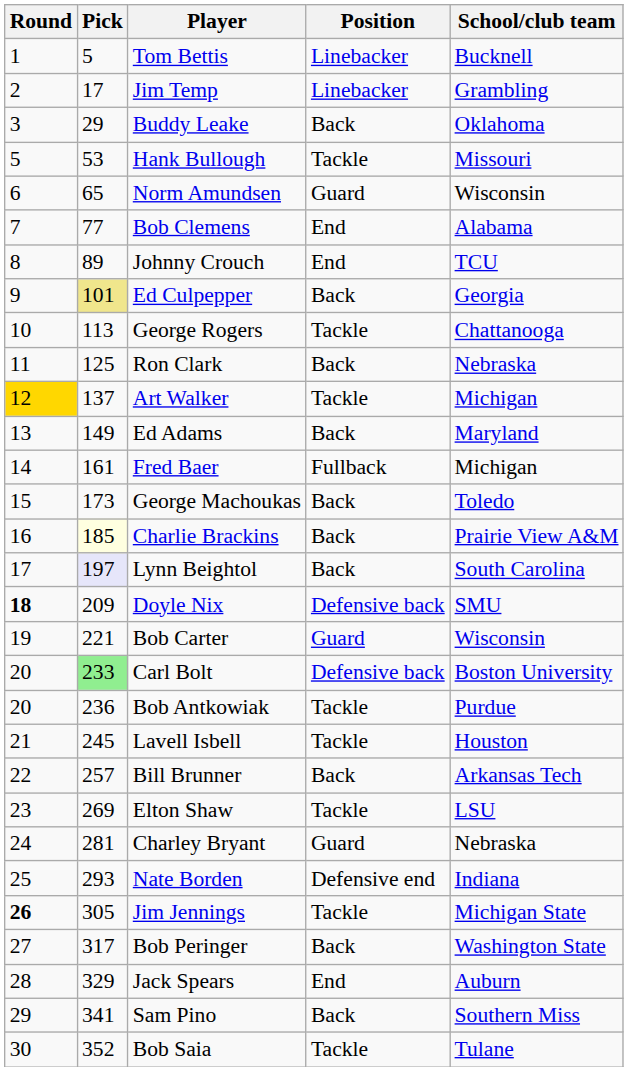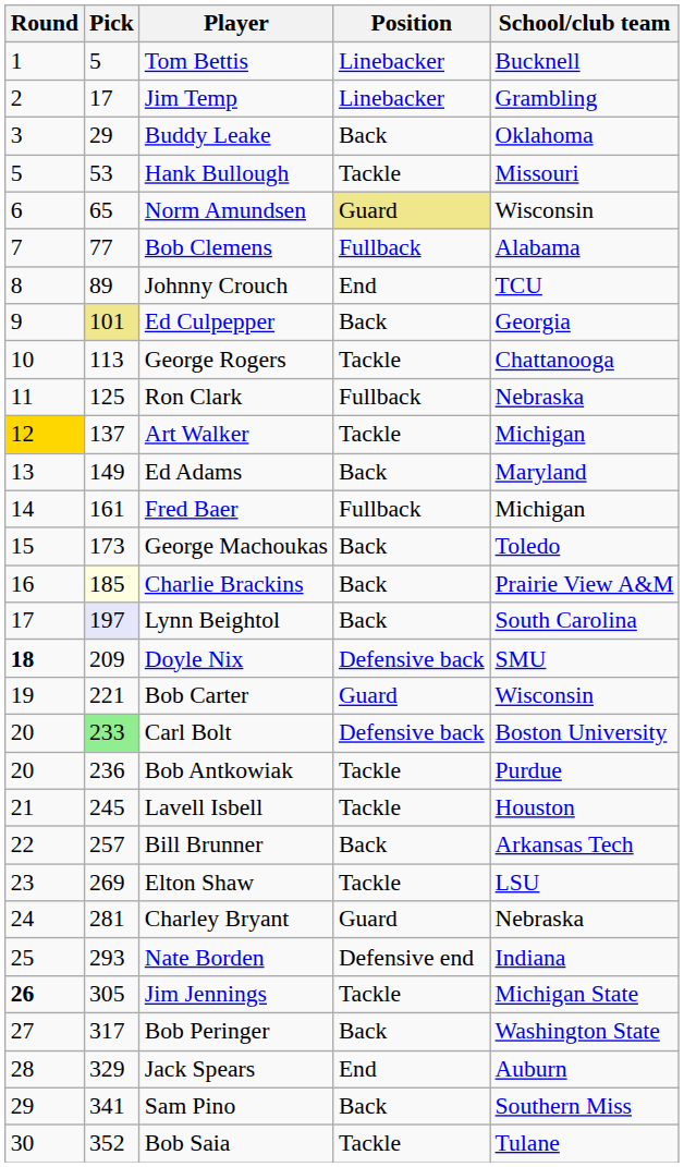 <table class="wikitable sortable sortable">
 <tr>
 <th>Round</th>
 <th>Pick</th>
 <th>Player</th>
 <th>Position</th>
 <th>School/club team</th>
 </tr>
 <tr>
 <td>1</td>
 <td>5</td>
 <td><a href='#'>Tom Bettis</a></td>
 <td><a href='#'>Linebacker</a></td>
 <td><a href='#'>Bucknell</a></td>
 </tr>
 <tr>
 <td>2</td>
 <td>17</td>
 <td><a href='#'>Jim Temp</a></td>
 <td><a href='#'>Linebacker</a></td>
 <td><a href='#'>Grambling</a></td>
 </tr>
 <tr>
 <td>3</td>
 <td>29</td>
 <td><a href='#'>Buddy Leake</a></td>
 <td>Back</td>
 <td><a href='#'>Oklahoma</a></td>
 </tr>
 <tr>
 <td>5</td>
 <td>53</td>
 <td><a href='#'>Hank Bullough</a></td>
 <td>Tackle</td>
 <td><a href='#'>Missouri</a></td>
 </tr>
 <tr>
 <td>6</td>
 <td>65</td>
 <td><a href='#'>Norm Amundsen</a></td>
-<td>Guard</td>
+<td style="background: khaki;">Guard</td>
 <td>Wisconsin</td>
 </tr>
 <tr>
 <td>7</td>
 <td>77</td>
 <td><a href='#'>Bob Clemens</a></td>
-<td>End</td>
+<td><a href='#'>Fullback</a></td>
 <td><a href='#'>Alabama</a></td>
 </tr>
 <tr>
 <td>8</td>
 <td>89</td>
 <td>Johnny Crouch</td>
 <td>End</td>
 <td><a href='#'>TCU</a></td>
 </tr>
 <tr>
 <td>9</td>
 <td style="background: khaki;">101</td>
 <td><a href='#'>Ed Culpepper</a></td>
 <td>Back</td>
 <td><a href='#'>Georgia</a></td>
 </tr>
 <tr>
 <td>10</td>
 <td>113</td>
 <td>George Rogers</td>
 <td>Tackle</td>
 <td><a href='#'>Chattanooga</a></td>
 </tr>
 <tr>
 <td>11</td>
 <td>125</td>
 <td>Ron Clark</td>
-<td>Back</td>
+<td>Fullback</td>
 <td><a href='#'>Nebraska</a></td>
 </tr>
 <tr>
 <td style="background: gold;">12</td>
 <td>137</td>
 <td><a href='#'>Art Walker</a></td>
 <td>Tackle</td>
 <td><a href='#'>Michigan</a></td>
 </tr>
 <tr>
 <td>13</td>
 <td>149</td>
 <td>Ed Adams</td>
 <td>Back</td>
 <td><a href='#'>Maryland</a></td>
 </tr>
 <tr>
 <td>14</td>
 <td>161</td>
 <td><a href='#'>Fred Baer</a></td>
 <td>Fullback</td>
 <td>Michigan</td>
 </tr>
 <tr>
 <td>15</td>
 <td>173</td>
 <td>George Machoukas</td>
 <td>Back</td>
 <td><a href='#'>Toledo</a></td>
 </tr>
 <tr>
 <td>16</td>
 <td style="background: lightyellow;">185</td>
 <td><a href='#'>Charlie Brackins</a></td>
 <td>Back</td>
 <td><a href='#'>Prairie View A&M</a></td>
 </tr>
 <tr>
 <td>17</td>
 <td style="background: lavender;">197</td>
 <td>Lynn Beightol</td>
 <td>Back</td>
 <td><a href='#'>South Carolina</a></td>
 </tr>
 <tr>
 <td><strong>18</strong></td>
 <td>209</td>
 <td><a href='#'>Doyle Nix</a></td>
 <td><a href='#'>Defensive back</a></td>
 <td><a href='#'>SMU</a></td>
 </tr>
 <tr>
 <td>19</td>
 <td>221</td>
 <td>Bob Carter</td>
 <td><a href='#'>Guard</a></td>
 <td><a href='#'>Wisconsin</a></td>
 </tr>
 <tr>
 <td>20</td>
 <td style="background: lightgreen;">233</td>
 <td>Carl Bolt</td>
 <td><a href='#'>Defensive back</a></td>
 <td><a href='#'>Boston University</a></td>
 </tr>
 <tr>
 <td>20</td>
 <td>236</td>
 <td>Bob Antkowiak</td>
 <td>Tackle</td>
 <td><a href='#'>Purdue</a></td>
 </tr>
 <tr>
 <td>21</td>
 <td>245</td>
 <td>Lavell Isbell</td>
 <td>Tackle</td>
 <td><a href='#'>Houston</a></td>
 </tr>
 <tr>
 <td>22</td>
 <td>257</td>
 <td>Bill Brunner</td>
 <td>Back</td>
 <td><a href='#'>Arkansas Tech</a></td>
 </tr>
 <tr>
 <td>23</td>
 <td>269</td>
 <td>Elton Shaw</td>
 <td>Tackle</td>
 <td><a href='#'>LSU</a></td>
 </tr>
 <tr>
 <td>24</td>
 <td>281</td>
 <td>Charley Bryant</td>
 <td>Guard</td>
 <td>Nebraska</td>
 </tr>
 <tr>
 <td>25</td>
 <td>293</td>
 <td><a href='#'>Nate Borden</a></td>
 <td>Defensive end</td>
 <td><a href='#'>Indiana</a></td>
 </tr>
 <tr>
 <td><strong>26</strong></td>
 <td>305</td>
 <td><a href='#'>Jim Jennings</a></td>
 <td>Tackle</td>
 <td><a href='#'>Michigan State</a></td>
 </tr>
 <tr>
 <td>27</td>
 <td>317</td>
 <td>Bob Peringer</td>
 <td>Back</td>
 <td><a href='#'>Washington State</a></td>
 </tr>
 <tr>
 <td>28</td>
 <td>329</td>
 <td>Jack Spears</td>
 <td>End</td>
 <td><a href='#'>Auburn</a></td>
 </tr>
 <tr>
 <td>29</td>
 <td>341</td>
 <td>Sam Pino</td>
 <td>Back</td>
 <td><a href='#'>Southern Miss</a></td>
 </tr>
 <tr>
 <td>30</td>
 <td>352</td>
 <td>Bob Saia</td>
 <td>Tackle</td>
 <td><a href='#'>Tulane</a></td>
 </tr>
 </table>
